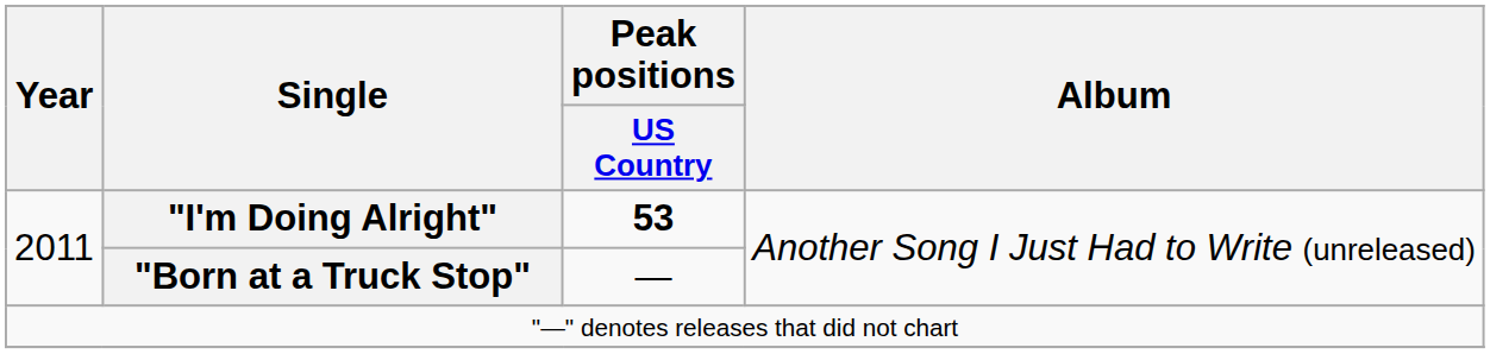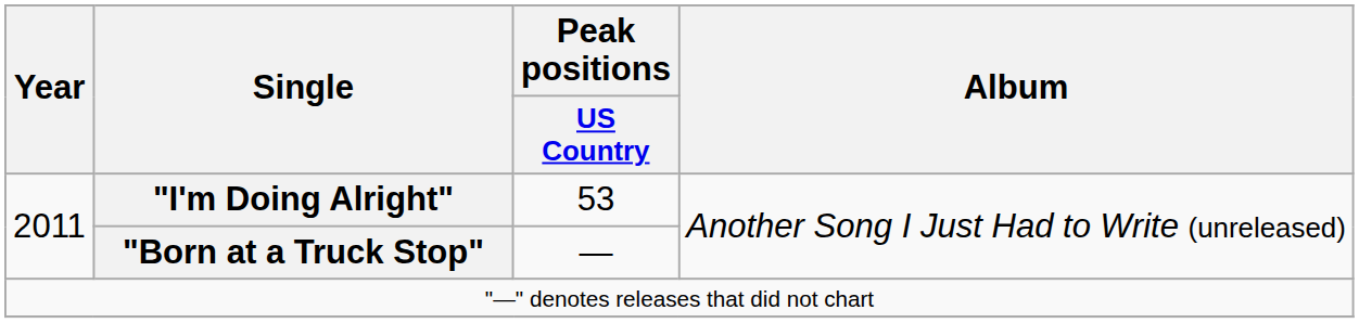 <table class="wikitable plainrowheaders" style="text-align:center;">
 <tr>
 <th rowspan="2">Year</th>
 <th rowspan="2" style="width:12em;">Single</th>
 <th colspan="1">Peak positions</th>
 <th rowspan="2">Album</th>
 </tr>
 <tr style="font-size:smaller;">
 <th width="60"><a href='#'>US Country</a><br></th>
 </tr>
 <tr>
 <td rowspan=2>2011</td>
 <th scope="row">"I'm Doing Alright"</th>
-<td><strong>53</strong></td>
+<td>53</td>
 <td align="left" rowspan=2><em>Another Song I Just Had to Write</em> <small>(unreleased)</small></td>
 </tr>
 <tr>
 <th scope="row">"Born at a Truck Stop"</th>
 <td>—</td>
 </tr>
 <tr>
 <td colspan="4" style="font-size:8pt">"—" denotes releases that did not chart</td>
 </tr>
 <tr>
 </tr>
 </table>
